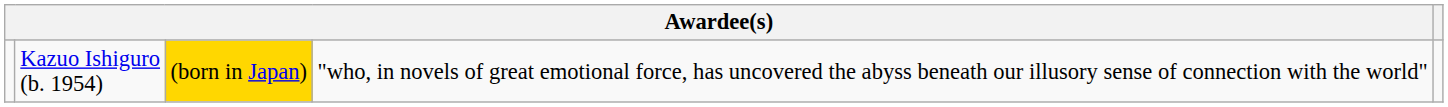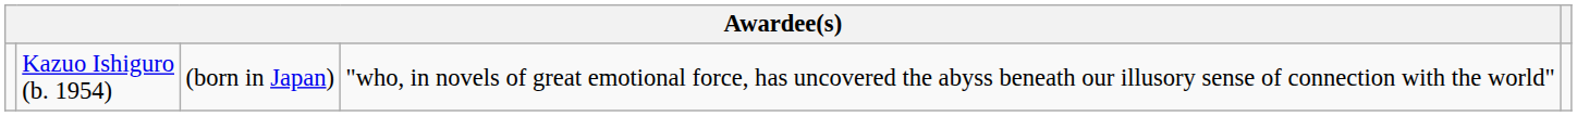 <table class="wikitable">
 <tr>
 <th colspan="4">Awardee(s)</th>
 <th></th>
 </tr>
 <tr>
 <td></td>
 <td><a href='#'>Kazuo Ishiguro</a><br>(b. 1954)</td>
-<td style="background: gold;"> (born in <a href='#'>Japan</a>)</td>
+<td> (born in <a href='#'>Japan</a>)</td>
 <td>"who, in novels of great emotional force, has uncovered the abyss beneath our illusory sense of connection with the world"</td>
 <td></td>
 </tr>
 </table>
